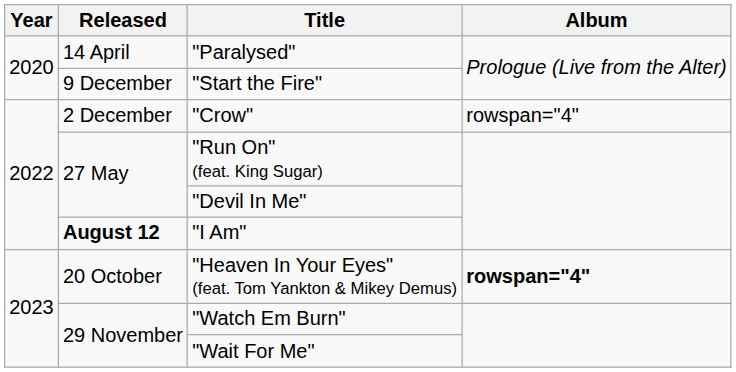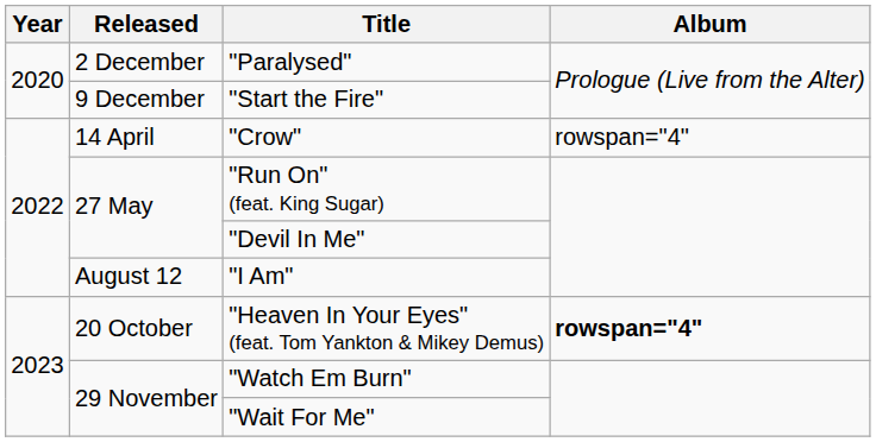 <table class="wikitable">
 <tr>
 <th>Year</th>
 <th>Released</th>
 <th>Title</th>
 <th>Album</th>
 </tr>
 <tr>
 <td rowspan="2">2020</td>
-<td>14 April</td>
+<td>2 December</td>
 <td>"Paralysed"</td>
 <td rowspan="2"><em>Prologue (Live from the Alter)</em></td>
 </tr>
 <tr>
 <td>9 December</td>
 <td>"Start the Fire"</td>
 </tr>
 <tr>
 <td rowspan="4">2022</td>
-<td>2 December</td>
+<td>14 April</td>
 <td>"Crow"</td>
 <td>rowspan="4" </td>
 </tr>
 <tr>
 <td rowspan="2">27 May</td>
 <td>"Run On"<br><small>(feat. King Sugar)</small></td>
 </tr>
 <tr>
 <td>"Devil In Me"</td>
 </tr>
 <tr>
-<td><strong>August 12</strong></td>
+<td>August 12</td>
 <td>"I Am"</td>
 </tr>
 <tr>
 <td rowspan="5">2023</td>
 <td>20 October</td>
 <td>"Heaven In Your Eyes"<br><small>(feat. Tom Yankton & Mikey Demus)</small></td>
 <td><strong>rowspan="4" </strong></td>
 </tr>
 <tr>
 <td rowspan="6">29 November</td>
 <td>"Watch Em Burn"</td>
 </tr>
 <tr>
 <td>"Wait For Me"</td>
 </tr>
 </table>
